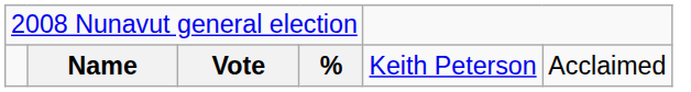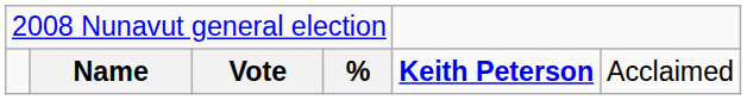 <table class="wikitable">
 <tr>
 <td colspan=4 align=center><a href='#'>2008 Nunavut general election</a></td>
 </tr>
 <tr>
 <td></td>
 <th>Name</th>
 <th>Vote</th>
 <th>%<br></th>
-<td><a href='#'>Keith Peterson</a></td>
+<td><strong><a href='#'>Keith Peterson</a></strong></td>
 <td colspan="2" align=center>Acclaimed</td>
 </tr>
 </table>
